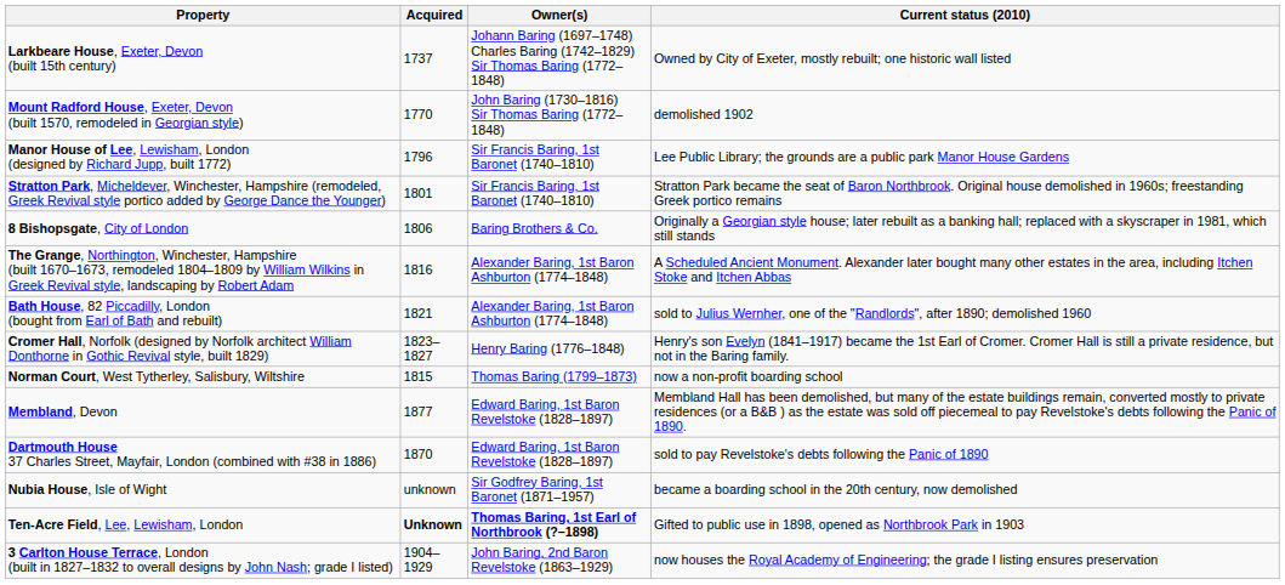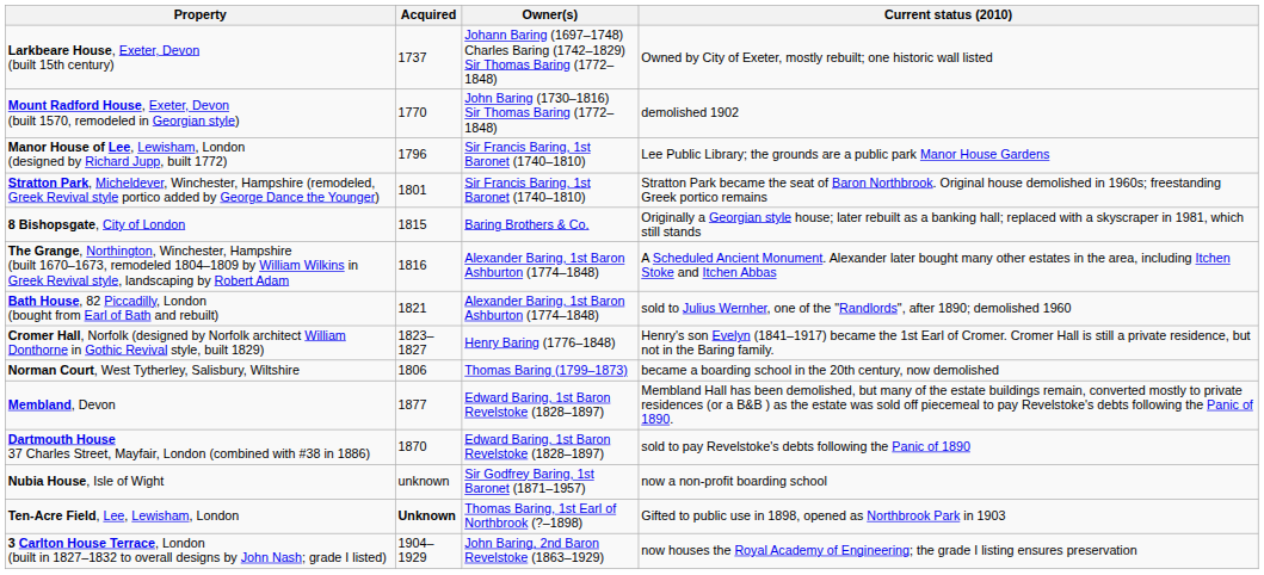 <table class="wikitable">
 <tr>
 <th>Property</th>
 <th>Acquired</th>
 <th>Owner(s)</th>
 <th>Current status (2010)</th>
 </tr>
 <tr>
 <td><strong>Larkbeare House</strong>, <a href='#'>Exeter, Devon</a><br>(built 15th century)</td>
 <td>1737</td>
 <td><a href='#'>Johann Baring</a> (1697–1748)<br>Charles Baring (1742–1829)<br><a href='#'>Sir Thomas Baring</a> (1772–1848)</td>
 <td>Owned by City of Exeter, mostly rebuilt; one historic wall listed</td>
 </tr>
 <tr>
 <td><strong><a href='#'>Mount Radford House</a></strong>, <a href='#'>Exeter, Devon</a><br>(built 1570, remodeled in <a href='#'>Georgian style</a>)</td>
 <td>1770</td>
 <td><a href='#'>John Baring</a> (1730–1816)<br><a href='#'>Sir Thomas Baring</a> (1772–1848)</td>
 <td>demolished 1902</td>
 </tr>
 <tr>
 <td><strong>Manor House of <a href='#'>Lee</a></strong>, <a href='#'>Lewisham</a>, London<br>(designed by <a href='#'>Richard Jupp</a>, built 1772)</td>
 <td>1796</td>
 <td><a href='#'>Sir Francis Baring, 1st Baronet</a> (1740–1810)</td>
 <td>Lee Public Library; the grounds are a public park <a href='#'>Manor House Gardens</a></td>
 </tr>
 <tr>
 <td><strong><a href='#'>Stratton Park</a></strong>, <a href='#'>Micheldever</a>, Winchester, Hampshire  (remodeled, <a href='#'>Greek Revival style</a> portico added by <a href='#'>George Dance the Younger</a>)</td>
 <td>1801</td>
 <td><a href='#'>Sir Francis Baring, 1st Baronet</a> (1740–1810)</td>
 <td>Stratton Park became the seat of <a href='#'>Baron Northbrook</a>. Original house demolished in 1960s; freestanding Greek portico remains</td>
 </tr>
 <tr>
 <td><strong>8 Bishopsgate</strong>, <a href='#'>City of London</a></td>
-<td>1806</td>
+<td>1815</td>
 <td><a href='#'>Baring Brothers & Co.</a></td>
 <td>Originally a <a href='#'>Georgian style</a> house; later rebuilt as a banking hall; replaced with a skyscraper in 1981, which still stands</td>
 </tr>
 <tr>
 <td><strong>The Grange</strong>, <a href='#'>Northington</a>, Winchester, Hampshire<br>(built 1670–1673, remodeled 1804–1809 by <a href='#'>William Wilkins</a> in <a href='#'>Greek Revival style</a>, landscaping by <a href='#'>Robert Adam</a></td>
 <td>1816</td>
 <td><a href='#'>Alexander Baring, 1st Baron Ashburton</a> (1774–1848)</td>
 <td>A <a href='#'>Scheduled Ancient Monument</a>. Alexander later bought many other estates in the area, including <a href='#'>Itchen Stoke</a> and <a href='#'>Itchen Abbas</a></td>
 </tr>
 <tr>
 <td><strong><a href='#'>Bath House</a></strong>, 82 <a href='#'>Piccadilly</a>, London<br>(bought from <a href='#'>Earl of Bath</a> and rebuilt)</td>
 <td>1821</td>
 <td><a href='#'>Alexander Baring, 1st Baron Ashburton</a> (1774–1848)</td>
 <td>sold to <a href='#'>Julius Wernher</a>, one of the "<a href='#'>Randlords</a>", after 1890; demolished 1960</td>
 </tr>
 <tr>
 <td><strong>Cromer Hall</strong>, Norfolk  (designed by Norfolk architect <a href='#'>William Donthorne</a> in <a href='#'>Gothic Revival</a> style, built 1829)</td>
 <td>1823–1827</td>
 <td><a href='#'>Henry Baring</a> (1776–1848)</td>
 <td>Henry's son <a href='#'>Evelyn</a> (1841–1917) became the 1st Earl of Cromer. Cromer Hall is still a private residence, but not in the Baring family.</td>
 </tr>
 <tr>
 <td><strong>Norman Court</strong>, West Tytherley, Salisbury, Wiltshire</td>
-<td>1815</td>
+<td>1806</td>
 <td><a href='#'>Thomas Baring (1799–1873)</a></td>
-<td>now a non-profit boarding school</td>
+<td>became a boarding school in the 20th century, now demolished</td>
 </tr>
 <tr>
 <td><strong><a href='#'>Membland</a></strong>, Devon</td>
 <td>1877</td>
 <td><a href='#'>Edward Baring, 1st Baron Revelstoke</a> (1828–1897)</td>
 <td>Membland Hall has been demolished, but many of the estate buildings remain, converted mostly to private residences (or a B&B ) as the estate was sold off piecemeal to pay Revelstoke's debts following the <a href='#'>Panic of 1890</a>.</td>
 </tr>
 <tr>
 <td><strong><a href='#'>Dartmouth House</a></strong><br>37 Charles Street, Mayfair, London  (combined with #38 in 1886)</td>
 <td>1870</td>
 <td><a href='#'>Edward Baring, 1st Baron Revelstoke</a> (1828–1897)</td>
 <td>sold to pay Revelstoke's debts following the <a href='#'>Panic of 1890</a></td>
 </tr>
 <tr>
 <td><strong>Nubia House</strong>, Isle of Wight</td>
 <td>unknown</td>
 <td><a href='#'>Sir Godfrey Baring, 1st Baronet</a> (1871–1957)</td>
-<td>became a boarding school in the 20th century, now demolished</td>
+<td>now a non-profit boarding school</td>
 </tr>
 <tr>
 <td><strong>Ten-Acre Field</strong>, <a href='#'>Lee</a>, <a href='#'>Lewisham</a>, London</td>
 <td><strong>Unknown</strong></td>
-<td><strong><a href='#'>Thomas Baring, 1st Earl of Northbrook</a> (?–1898)</strong></td>
+<td><a href='#'>Thomas Baring, 1st Earl of Northbrook</a> (?–1898)</td>
 <td>Gifted to public use in 1898, opened as <a href='#'>Northbrook Park</a> in 1903</td>
 </tr>
 <tr>
 <td><strong>3 <a href='#'>Carlton House Terrace</a></strong>, London<br>(built in 1827–1832 to overall designs by <a href='#'>John Nash</a>; grade I listed)</td>
 <td>1904–1929</td>
 <td><a href='#'>John Baring, 2nd Baron Revelstoke</a> (1863–1929)</td>
 <td>now houses the <a href='#'>Royal Academy of Engineering</a>; the grade I listing ensures preservation</td>
 </tr>
 </table>
